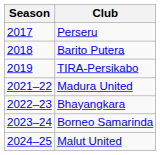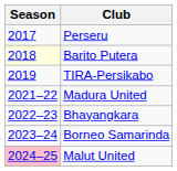 <table class="wikitable sortable">
 <tr>
 <th scope="col">Season</th>
 <th scope="col">Club</th>
 </tr>
 <tr>
 <td><a href='#'>2017</a></td>
 <td><a href='#'>Perseru</a></td>
 </tr>
 <tr>
-<td><a href='#'>2018</a></td>
+<td style="background: lightyellow;"><a href='#'>2018</a></td>
 <td><a href='#'>Barito Putera</a></td>
 </tr>
 <tr>
 <td><a href='#'>2019</a></td>
 <td><a href='#'>TIRA-Persikabo</a></td>
 </tr>
 <tr>
 <td><a href='#'>2021–22</a></td>
 <td><a href='#'>Madura United</a></td>
 </tr>
 <tr>
 <td><a href='#'>2022–23</a></td>
 <td><a href='#'>Bhayangkara</a></td>
 </tr>
 <tr>
 <td><a href='#'>2023–24</a></td>
 <td><a href='#'>Borneo Samarinda</a></td>
 </tr>
 <tr>
-<td><a href='#'>2024–25</a></td>
+<td style="background: pink;"><a href='#'>2024–25</a></td>
 <td><a href='#'>Malut United</a></td>
 </tr>
 </table>
